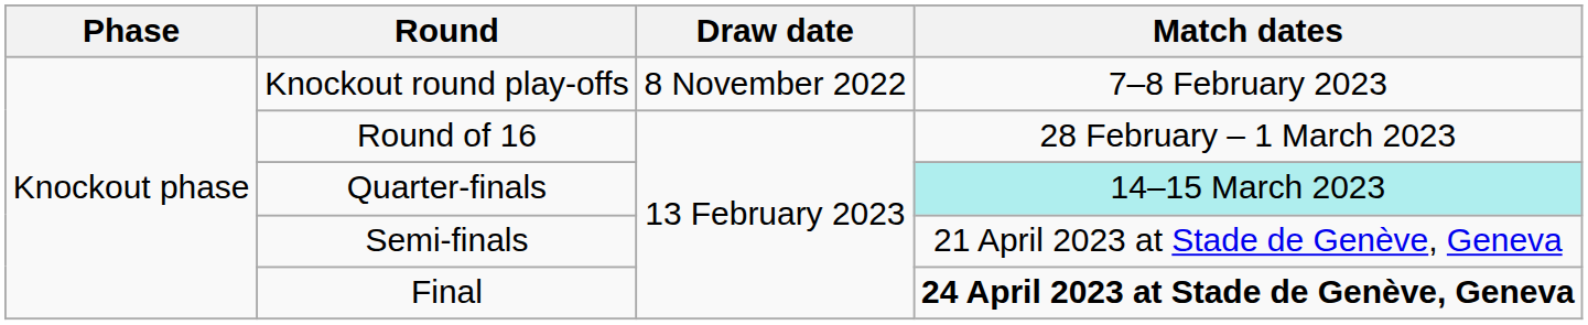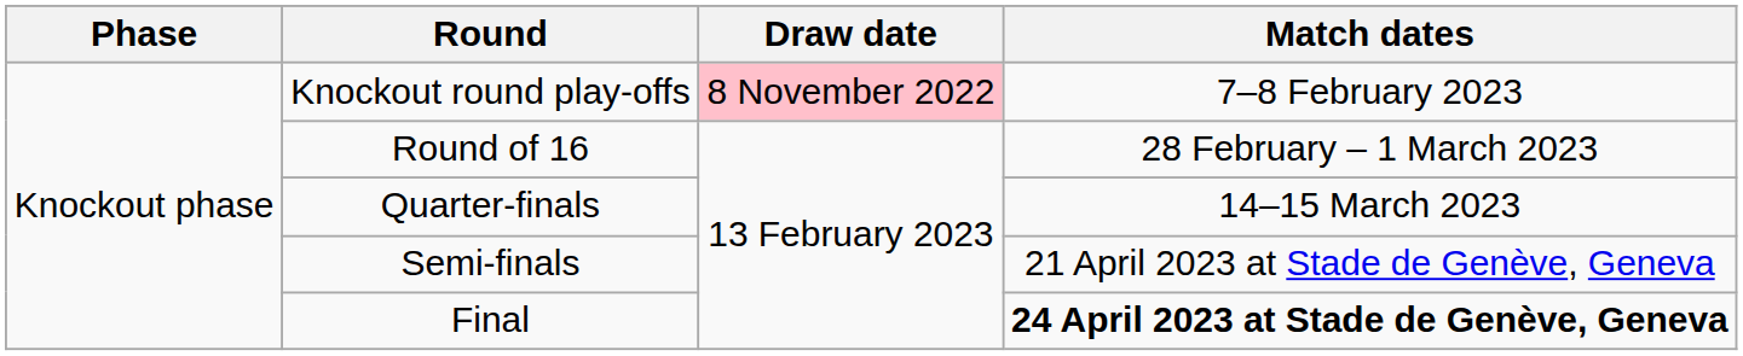 <table class="wikitable" style="text-align:center">
 <tr>
 <th>Phase</th>
 <th>Round</th>
 <th>Draw date</th>
 <th>Match dates</th>
 </tr>
 <tr>
 <td rowspan="5">Knockout phase</td>
 <td>Knockout round play-offs</td>
-<td>8 November 2022</td>
+<td style="background: pink;">8 November 2022</td>
 <td>7–8 February 2023</td>
 </tr>
 <tr>
 <td>Round of 16</td>
 <td rowspan="4">13 February 2023</td>
 <td colspan="2">28 February – 1 March 2023</td>
 </tr>
 <tr>
 <td>Quarter-finals</td>
-<td style="background: paleturquoise;">14–15 March 2023</td>
+<td>14–15 March 2023</td>
 </tr>
 <tr>
 <td>Semi-finals</td>
 <td>21 April 2023 at <a href='#'>Stade de Genève</a>, <a href='#'>Geneva</a></td>
 </tr>
 <tr>
 <td>Final</td>
 <td><strong>24 April 2023 at Stade de Genève, Geneva</strong></td>
 </tr>
 </table>
